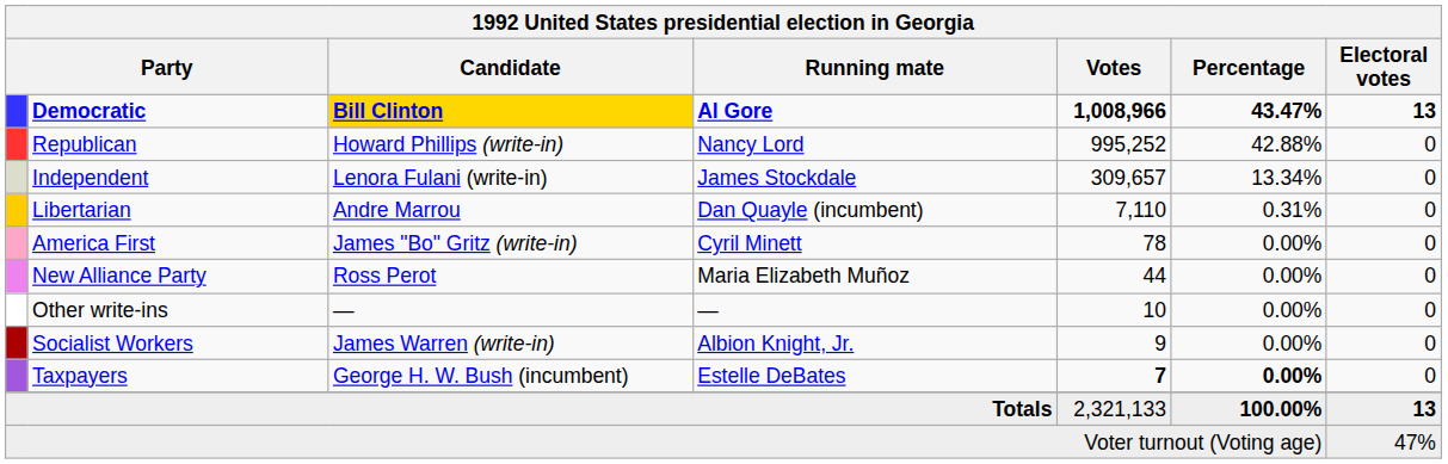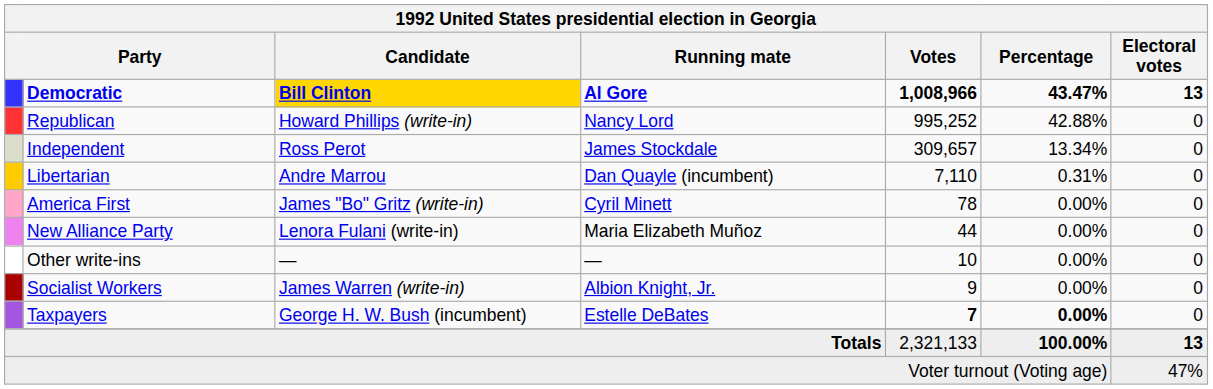 <table class="wikitable" style="font-size: 95%;">
 <tr>
 <th colspan="7">1992 United States presidential election in Georgia</th>
 </tr>
 <tr>
 <th colspan="2" style="width: 15em">Party</th>
 <th style="width: 17em">Candidate</th>
 <th style="width: 17em">Running mate</th>
 <th style="width: 5em">Votes</th>
 <th style="width: 7em">Percentage</th>
 <th style="width: 5em">Electoral votes</th>
 </tr>
 <tr>
 <th style="background-color:#3333FF; width: 3px"></th>
 <td style="width: 130px"><strong><a href='#'>Democratic</a></strong></td>
 <td style="background: gold;"><strong><a href='#'>Bill Clinton</a></strong></td>
 <td><strong><a href='#'>Al Gore</a></strong></td>
 <td align="right"><strong>1,008,966</strong></td>
 <td align="right"><strong>43.47%</strong></td>
 <td align="right"><strong>13</strong></td>
 </tr>
 <tr>
 <th style="background-color:#FF3333; width: 3px"></th>
 <td style="width: 130px"><a href='#'>Republican</a></td>
 <td><a href='#'>Howard Phillips</a> <em>(write-in)</em></td>
 <td><a href='#'>Nancy Lord</a></td>
 <td align="right">995,252</td>
 <td align="right">42.88%</td>
 <td align="right">0</td>
 </tr>
 <tr>
 <th style="background-color:#DDDDCC; width: 3px"></th>
 <td style="width: 130px"><a href='#'>Independent</a></td>
-<td><a href='#'>Lenora Fulani</a> (write-in)</td>
+<td><a href='#'>Ross Perot</a></td>
 <td><a href='#'>James Stockdale</a></td>
 <td align="right">309,657</td>
 <td align="right">13.34%</td>
 <td align="right">0</td>
 </tr>
 <tr>
 <th style="background-color:#FFCC00; width: 3px"></th>
 <td style="width: 130px"><a href='#'>Libertarian</a></td>
 <td><a href='#'>Andre Marrou</a></td>
 <td><a href='#'>Dan Quayle</a> (incumbent)</td>
 <td align="right">7,110</td>
 <td align="right">0.31%</td>
 <td align="right">0</td>
 </tr>
 <tr>
 <th style="background-color:#FFA6C9; width: 3px"></th>
 <td style="width: 130px"><a href='#'>America First</a></td>
 <td><a href='#'>James "Bo" Gritz</a> <em>(write-in)</em></td>
 <td><a href='#'>Cyril Minett</a></td>
 <td align="right">78</td>
 <td align="right">0.00%</td>
 <td align="right">0</td>
 </tr>
 <tr>
 <th style="background-color:#EE82EE; width: 3px"></th>
 <td style="width: 130px"><a href='#'>New Alliance Party</a></td>
-<td><a href='#'>Ross Perot</a></td>
+<td><a href='#'>Lenora Fulani</a> (write-in)</td>
 <td>Maria Elizabeth Muñoz</td>
 <td align="right">44</td>
 <td align="right">0.00%</td>
 <td align="right">0</td>
 </tr>
 <tr>
 <th style="background-color:#FFFFFF; width: 3px"></th>
 <td style="width: 130px">Other write-ins</td>
 <td>—</td>
 <td>—</td>
 <td align="right">10</td>
 <td align="right">0.00%</td>
 <td align="right">0</td>
 </tr>
 <tr>
 <th style="background-color:#aa0000; width: 3px"></th>
 <td style="width: 130px"><a href='#'>Socialist Workers</a></td>
 <td><a href='#'>James Warren</a> <em>(write-in)</em></td>
 <td><a href='#'>Albion Knight, Jr.</a></td>
 <td align="right">9</td>
 <td align="right">0.00%</td>
 <td align="right">0</td>
 </tr>
 <tr>
 <th style="background-color:#A356DE; width: 3px"></th>
 <td style="width: 130px"><a href='#'>Taxpayers</a></td>
 <td><a href='#'>George H. W. Bush</a> (incumbent)</td>
 <td><a href='#'>Estelle DeBates</a></td>
 <td align="right"><strong>7</strong></td>
 <td align="right"><strong>0.00%</strong></td>
 <td align="right">0</td>
 </tr>
 <tr>
 </tr>
 <tr bgcolor="#EEEEEE">
 <td colspan="4" align="right"><strong>Totals</strong></td>
 <td align="right">2,321,133</td>
 <td align="right"><strong>100.00%</strong></td>
 <td align="right"><strong>13</strong></td>
 </tr>
 <tr bgcolor="#EEEEEE">
 <td colspan="6" align="right">Voter turnout (Voting age)</td>
 <td colspan="1" align="right">47%</td>
 </tr>
 </table>
